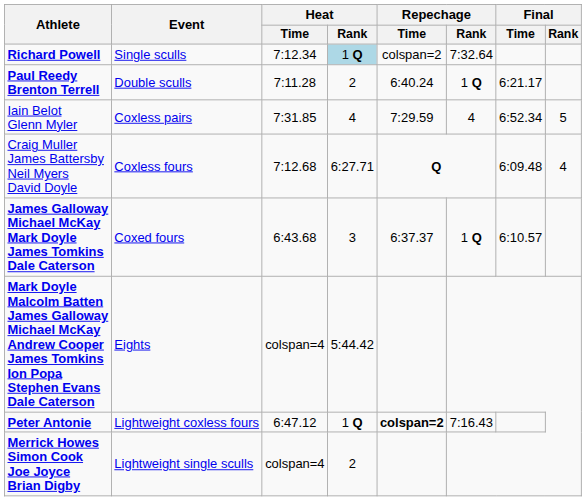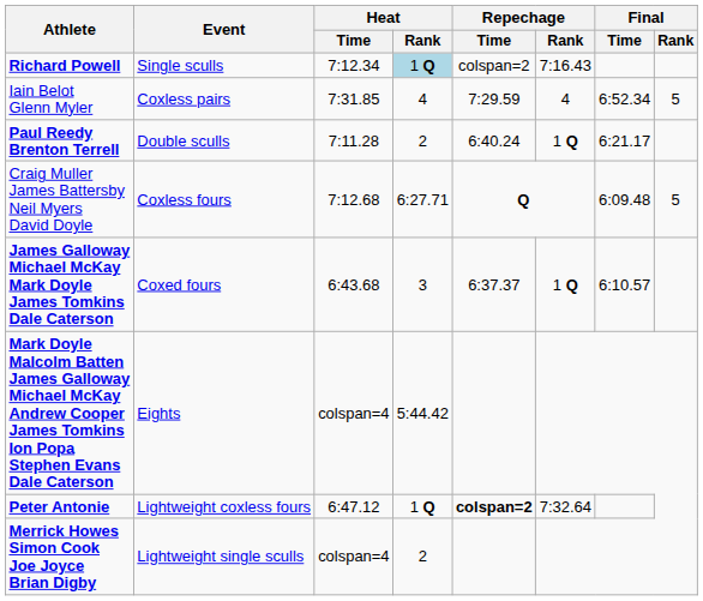 <table class="wikitable" style="font-size:90%">
 <tr>
 <th rowspan="2">Athlete</th>
 <th rowspan="2">Event</th>
 <th colspan="2">Heat</th>
 <th colspan="2">Repechage</th>
 <th colspan="2">Final</th>
 </tr>
 <tr style="font-size:95%">
 <th>Time</th>
 <th>Rank</th>
 <th>Time</th>
 <th>Rank</th>
 <th>Time</th>
 <th>Rank</th>
 </tr>
 <tr align=center>
 <td align=left><strong><a href='#'>Richard Powell</a></strong></td>
 <td align=left><a href='#'>Single sculls</a></td>
 <td>7:12.34</td>
 <td style="background: lightblue;">1 <strong>Q</strong></td>
 <td>colspan=2 </td>
-<td>7:32.64</td>
-<td></td>
-</tr>
-<tr align=center>
-<td align=left><strong><a href='#'>Paul Reedy</a></strong><br><strong><a href='#'>Brenton Terrell</a></strong></td>
-<td align=left><a href='#'>Double sculls</a></td>
-<td>7:11.28</td>
-<td>2</td>
-<td>6:40.24</td>
-<td>1 <strong>Q</strong></td>
-<td>6:21.17</td>
+<td>7:16.43</td>
 <td></td>
 </tr>
 <tr align=center>
 <td align=left><a href='#'>Iain Belot</a><br><a href='#'>Glenn Myler</a></td>
 <td align=left><a href='#'>Coxless pairs</a></td>
 <td>7:31.85</td>
 <td>4</td>
 <td>7:29.59</td>
 <td>4</td>
 <td>6:52.34</td>
 <td>5</td>
 </tr>
 <tr align=center>
+<td align=left><strong><a href='#'>Paul Reedy</a></strong><br><strong><a href='#'>Brenton Terrell</a></strong></td>
+<td align=left><a href='#'>Double sculls</a></td>
+<td>7:11.28</td>
+<td>2</td>
+<td>6:40.24</td>
+<td>1 <strong>Q</strong></td>
+<td>6:21.17</td>
+<td></td>
+</tr>
+<tr align=center>
 <td align=left><a href='#'>Craig Muller</a><br><a href='#'>James Battersby</a><br><a href='#'>Neil Myers</a><br><a href='#'>David Doyle</a></td>
 <td align=left><a href='#'>Coxless fours</a></td>
 <td>7:12.68</td>
 <td>6:27.71</td>
 <td colspan=2><strong>Q</strong></td>
 <td>6:09.48</td>
-<td>4</td>
+<td>5</td>
 </tr>
 <tr align=center>
 <td align=left><strong><a href='#'>James Galloway</a></strong><br><strong><a href='#'>Michael McKay</a></strong><br><strong><a href='#'>Mark Doyle</a></strong><br><strong><a href='#'>James Tomkins</a></strong><br><strong><a href='#'>Dale Caterson</a></strong></td>
 <td align=left><a href='#'>Coxed fours</a></td>
 <td>6:43.68</td>
 <td>3</td>
 <td>6:37.37</td>
 <td>1 <strong>Q</strong></td>
 <td>6:10.57</td>
 <td></td>
 </tr>
 <tr align=center>
 <td align=left><strong><a href='#'>Mark Doyle</a></strong><br><strong><a href='#'>Malcolm Batten</a></strong><br><strong><a href='#'>James Galloway</a></strong><br><strong><a href='#'>Michael McKay</a></strong><br><strong><a href='#'>Andrew Cooper</a></strong><br><strong><a href='#'>James Tomkins</a></strong><br><strong><a href='#'>Ion Popa</a></strong><br><strong><a href='#'>Stephen Evans</a></strong><br><strong><a href='#'>Dale Caterson</a></strong></td>
 <td align=left><a href='#'>Eights</a></td>
 <td>colspan=4 </td>
 <td>5:44.42</td>
 <td></td>
 </tr>
 <tr align=center>
 <td align=left><strong><a href='#'>Peter Antonie</a></strong></td>
 <td align=left><a href='#'>Lightweight coxless fours</a></td>
 <td>6:47.12</td>
 <td>1 <strong>Q</strong></td>
 <td><strong>colspan=2 </strong></td>
-<td>7:16.43</td>
+<td>7:32.64</td>
 <td></td>
 </tr>
 <tr align=center>
 <td align=left><strong><a href='#'>Merrick Howes</a></strong><br><strong><a href='#'>Simon Cook</a></strong><br><strong><a href='#'>Joe Joyce</a></strong><br><strong><a href='#'>Brian Digby</a></strong></td>
 <td align=left><a href='#'>Lightweight single sculls</a></td>
 <td>colspan=4 </td>
 <td>2</td>
 <td></td>
 </tr>
 </table>
